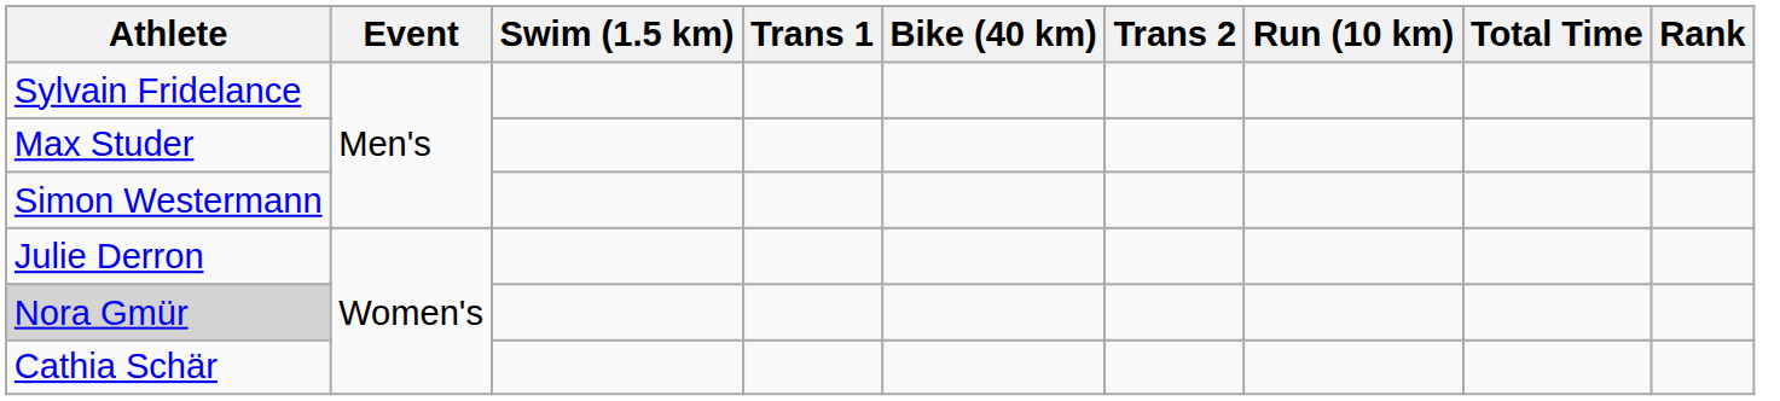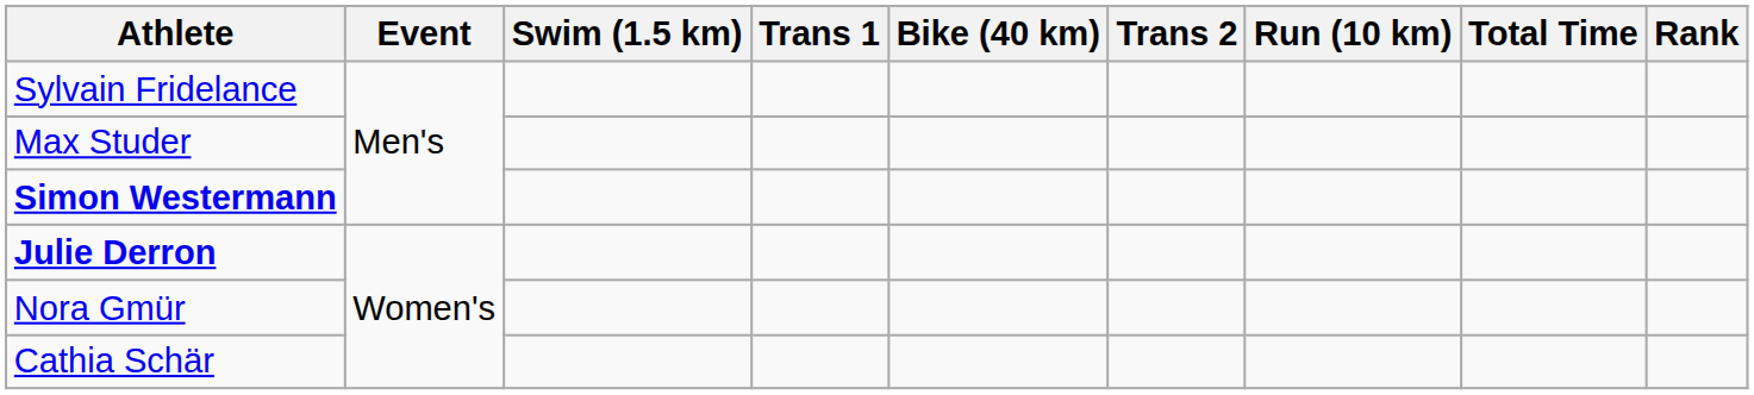 <table class="wikitable" style="font-size:90%">
 <tr>
 <th>Athlete</th>
 <th>Event</th>
 <th>Swim (1.5 km)</th>
 <th>Trans 1</th>
 <th>Bike (40 km)</th>
 <th>Trans 2</th>
 <th>Run (10 km)</th>
 <th>Total Time</th>
 <th>Rank</th>
 </tr>
 <tr align=center>
 <td align=left><a href='#'>Sylvain Fridelance</a></td>
 <td align=left rowspan=3>Men's</td>
 <td></td>
 <td></td>
 <td></td>
 <td></td>
 <td></td>
 <td></td>
 <td></td>
 </tr>
 <tr align=center>
 <td align=left><a href='#'>Max Studer</a></td>
 <td></td>
 <td></td>
 <td></td>
 <td></td>
 <td></td>
 <td></td>
 <td></td>
 </tr>
 <tr align=center>
-<td align=left><a href='#'>Simon Westermann</a></td>
+<td align=left><strong><a href='#'>Simon Westermann</a></strong></td>
 <td></td>
 <td></td>
 <td></td>
 <td></td>
 <td></td>
 <td></td>
 <td></td>
 </tr>
 <tr align=center>
-<td align=left><a href='#'>Julie Derron</a></td>
+<td align=left><strong><a href='#'>Julie Derron</a></strong></td>
 <td align=left rowspan=3>Women's</td>
 <td></td>
 <td></td>
 <td></td>
 <td></td>
 <td></td>
 <td></td>
 <td></td>
 </tr>
 <tr align=center>
-<td align=left style="background: lightgrey;"><a href='#'>Nora Gmür</a></td>
+<td align=left><a href='#'>Nora Gmür</a></td>
 <td></td>
 <td></td>
 <td></td>
 <td></td>
 <td></td>
 <td></td>
 <td></td>
 </tr>
 <tr align=center>
 <td align=left><a href='#'>Cathia Schär</a></td>
 <td></td>
 <td></td>
 <td></td>
 <td></td>
 <td></td>
 <td></td>
 <td></td>
 </tr>
 </table>
